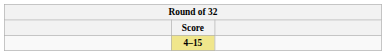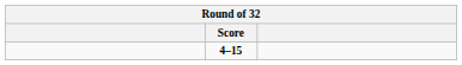 <table class="wikitable" style="text-align: center; font-size:90% ">
 <tr>
 <th colspan=3>Round of 32</th>
 </tr>
 <tr>
 <th align="right" width="250"></th>
 <th width="60">Score</th>
 <th align="left" width="250"></th>
 </tr>
 <tr>
 <td align=left></td>
-<td align=center style="background: khaki;"><strong>4–15</strong></td>
+<td align=center><strong>4–15</strong></td>
 <td align=left><strong></strong></td>
 </tr>
 </table>
